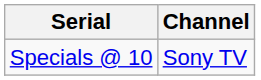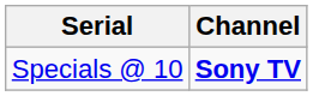 <table class="wikitable">
 <tr>
 <th>Serial</th>
 <th>Channel</th>
 </tr>
 <tr>
 <td><a href='#'>Specials @ 10</a></td>
-<td><a href='#'>Sony TV</a></td>
+<td><strong><a href='#'>Sony TV</a></strong></td>
 </tr>
 </table>
